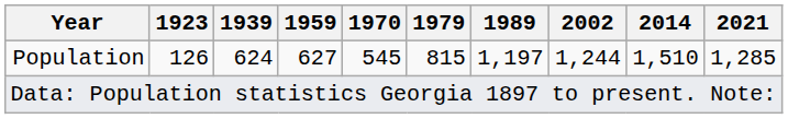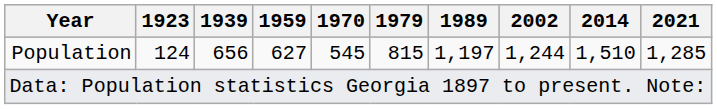 <table class="wikitable" style="text-align:right">
 <tr>
 <th>Year</th>
 <th>1923</th>
 <th>1939</th>
 <th>1959</th>
 <th>1970</th>
 <th>1979</th>
 <th>1989</th>
 <th>2002</th>
 <th>2014</th>
 <th>2021</th>
 </tr>
 <tr>
 <td>Population</td>
-<td>126</td>
-<td> 624</td>
+<td>124</td>
+<td> 656</td>
 <td> 627</td>
 <td> 545</td>
 <td> 815</td>
 <td> 1,197</td>
 <td> 1,244</td>
 <td> 1,510</td>
 <td> 1,285</td>
 </tr>
 <tr>
 <td colspan=15 class="wikitable" style="align:left;text-align:left;background-color:#eaecf0">Data: Population statistics Georgia 1897 to present. Note:</td>
 </tr>
 </table>
